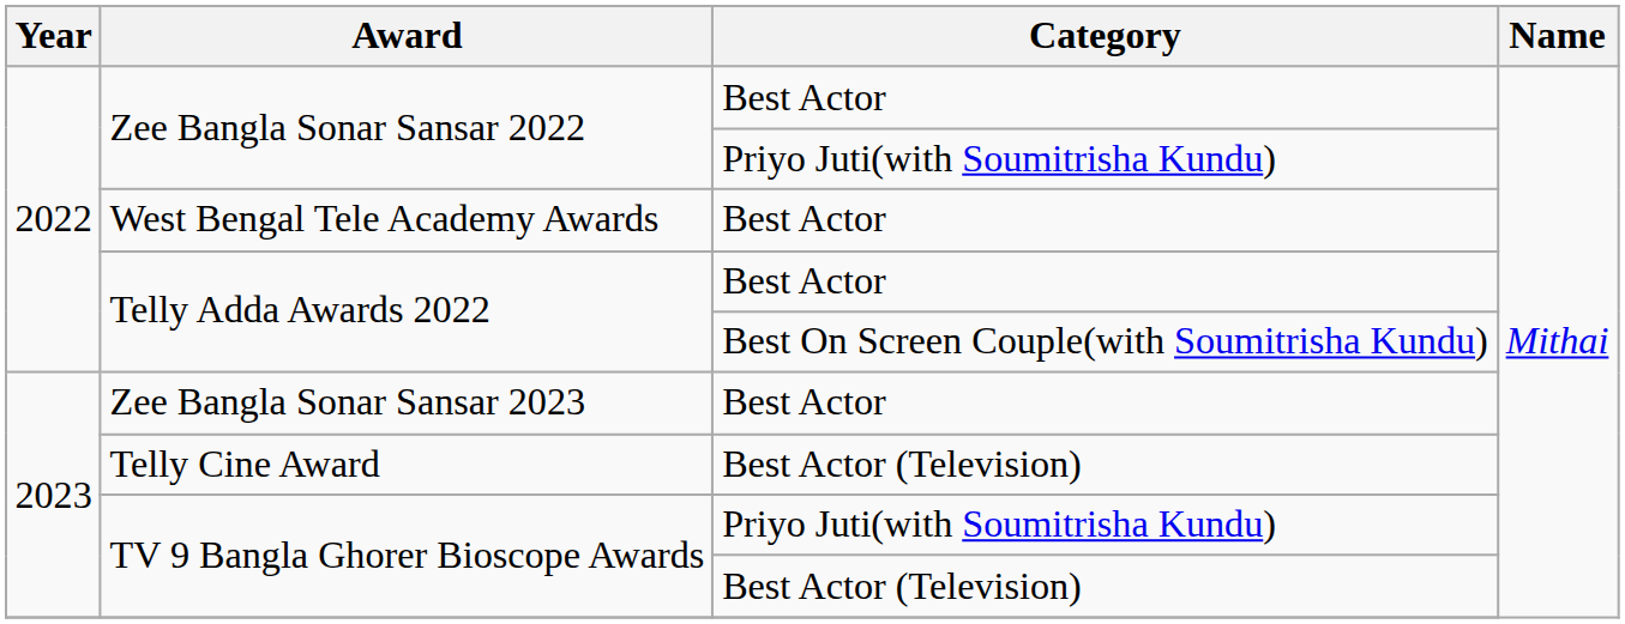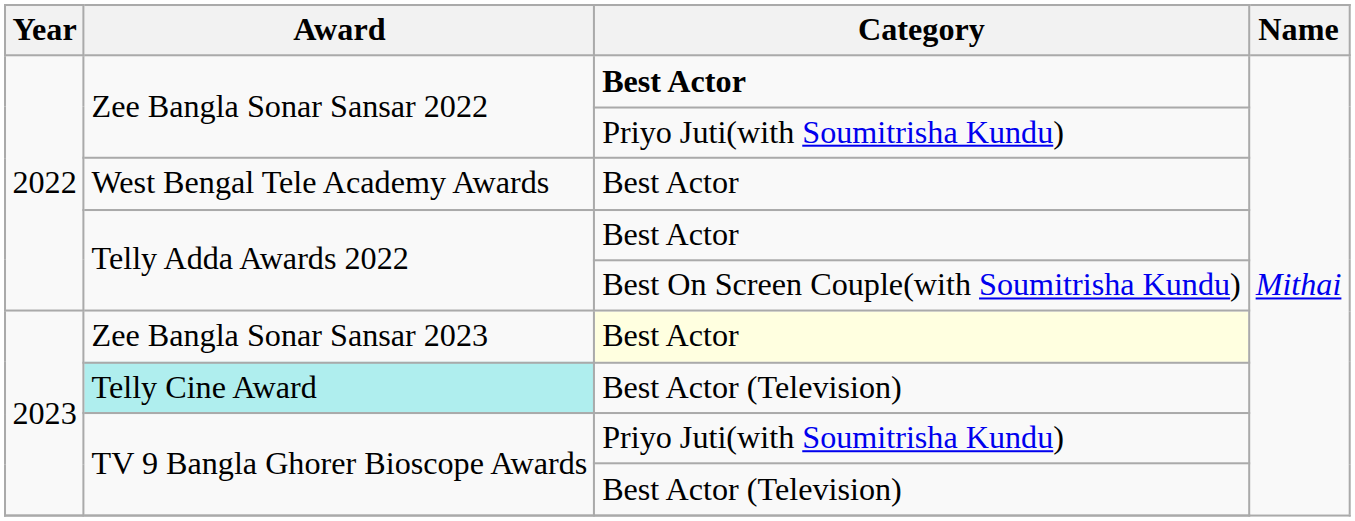 <table class="wikitable sortable">
 <tr>
 <th>Year</th>
 <th>Award</th>
 <th>Category</th>
 <th>Name</th>
 </tr>
 <tr>
 <td rowspan="5">2022</td>
 <td rowspan="2">Zee Bangla Sonar Sansar 2022</td>
-<td>Best Actor</td>
+<td><strong>Best Actor</strong></td>
 <td rowspan="10"><em><a href='#'>Mithai</a></em></td>
 </tr>
 <tr>
 <td>Priyo Juti(with <a href='#'>Soumitrisha Kundu</a>)</td>
 </tr>
 <tr>
 <td>West Bengal Tele Academy Awards</td>
 <td>Best Actor</td>
 </tr>
 <tr>
 <td rowspan="2">Telly Adda Awards 2022</td>
 <td>Best Actor</td>
 </tr>
 <tr>
 <td>Best On Screen Couple(with <a href='#'>Soumitrisha Kundu</a>)</td>
 </tr>
 <tr>
 <td rowspan="4">2023</td>
 <td>Zee Bangla Sonar Sansar 2023</td>
-<td>Best Actor</td>
+<td style="background: lightyellow;">Best Actor</td>
 </tr>
 <tr>
-<td>Telly Cine Award</td>
+<td style="background: paleturquoise;">Telly Cine Award</td>
 <td>Best Actor (Television)</td>
 </tr>
 <tr>
 <td rowspan="2">TV 9 Bangla Ghorer Bioscope Awards</td>
 <td>Priyo Juti(with <a href='#'>Soumitrisha Kundu</a>)</td>
 </tr>
 <tr>
 <td>Best Actor (Television)</td>
 </tr>
 <tr>
 </tr>
 </table>
